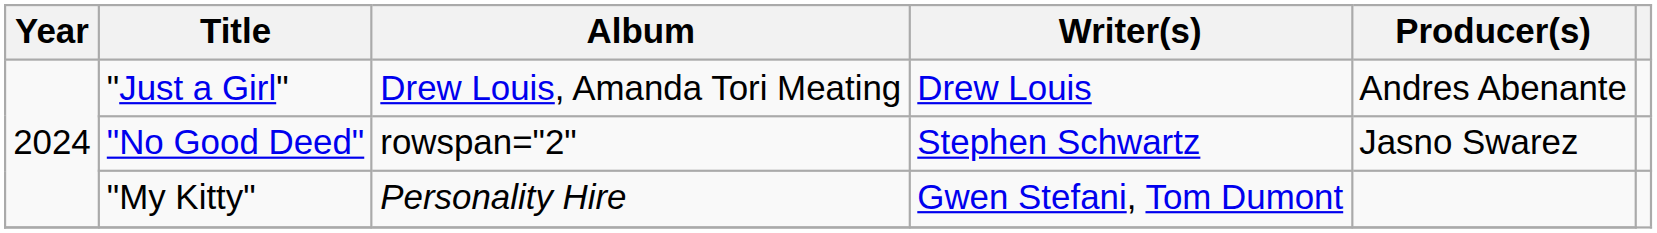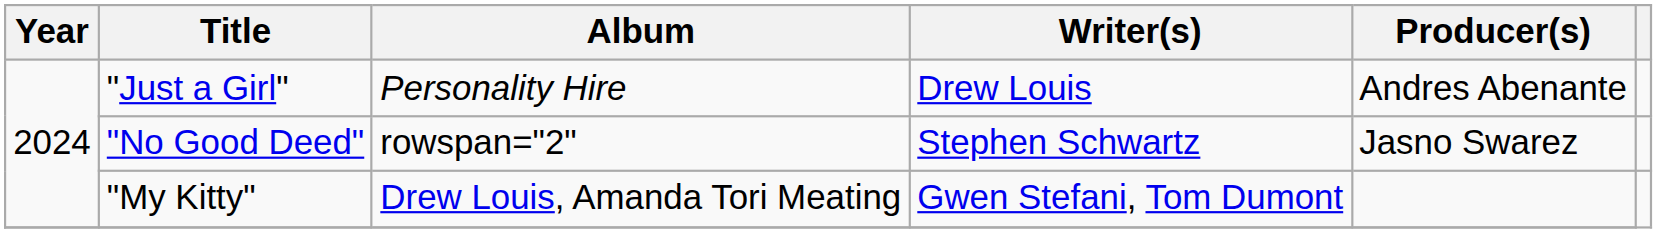 <table class="wikitable">
 <tr>
 <th>Year</th>
 <th>Title</th>
 <th>Album</th>
 <th>Writer(s)</th>
 <th>Producer(s)</th>
 <th style="text-align: center;" class="unsortable"></th>
 </tr>
 <tr>
 <td rowspan="3">2024</td>
 <td>"<a href='#'>Just a Girl</a>"</td>
-<td><a href='#'>Drew Louis</a>, Amanda Tori Meating</td>
+<td><em>Personality Hire</em></td>
 <td><a href='#'>Drew Louis</a></td>
 <td>Andres Abenante</td>
 <td style="text-align: center;"></td>
 </tr>
 <tr>
 <td><a href='#'>"No Good Deed"</a></td>
 <td>rowspan="2"</td>
 <td><a href='#'>Stephen Schwartz</a></td>
 <td>Jasno Swarez</td>
 <td style="text-align: center;"></td>
 </tr>
 <tr>
 <td>"My Kitty"</td>
-<td><em>Personality Hire</em></td>
+<td><a href='#'>Drew Louis</a>, Amanda Tori Meating</td>
 <td><a href='#'>Gwen Stefani</a>, <a href='#'>Tom Dumont</a></td>
 <td style="text-align: center;"></td>
 </tr>
 <tr>
 </tr>
 </table>
